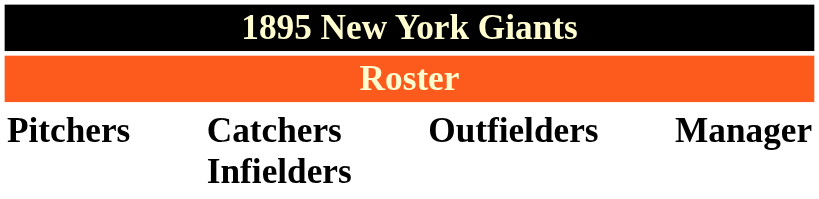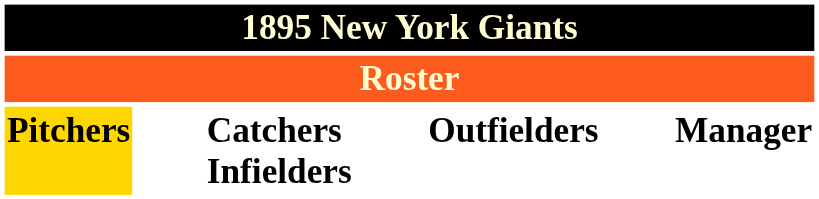 <table class="toccolours" style="font-size: 95%;">
 <tr>
 <th colspan="10" style="background-color: black; color: #FFFDD0; text-align: center;">1895 New York Giants</th>
 </tr>
 <tr>
 <td colspan="10" style="background-color: #fd5a1e; color: #FFFDD0; text-align: center;"><strong>Roster</strong></td>
 </tr>
 <tr>
-<td valign="top"><strong>Pitchers</strong><br>      </td>
+<td valign="top" style="background: gold;"><strong>Pitchers</strong><br>      </td>
 <td width="25px"></td>
 <td valign="top"><strong>Catchers</strong><br>   <strong>Infielders</strong>       </td>
 <td width="25px"></td>
 <td valign="top"><strong>Outfielders</strong><br>      </td>
 <td width="25px"></td>
 <td valign="top"><strong>Manager</strong><br>  </td>
 </tr>
 </table>
